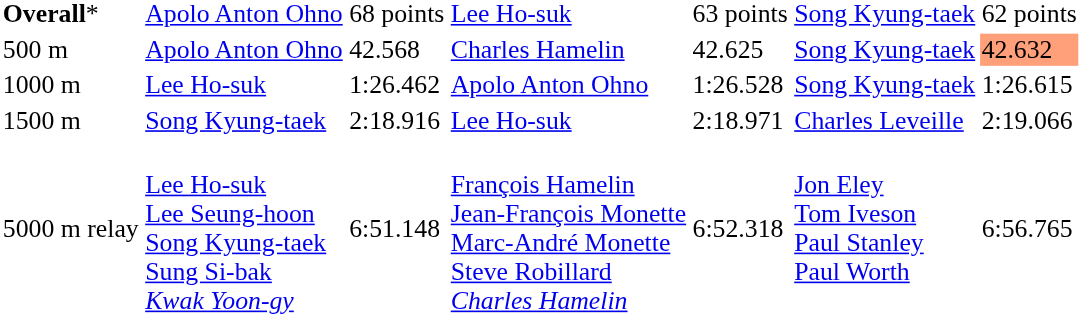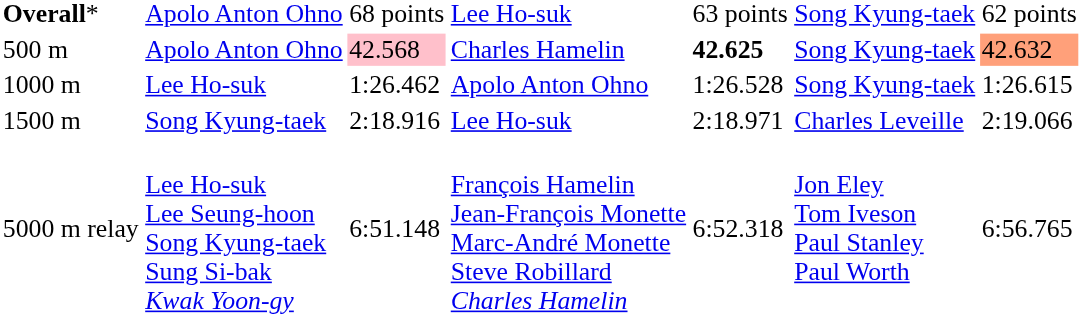 <table>
 <tr>
 <td><strong>Overall</strong>*</td>
 <td><a href='#'>Apolo Anton Ohno</a><br></td>
 <td>68 points</td>
 <td><a href='#'>Lee Ho-suk</a><br></td>
 <td>63 points</td>
 <td><a href='#'>Song Kyung-taek</a><br></td>
 <td>62 points</td>
 </tr>
 <tr>
 <td>500 m</td>
 <td><a href='#'>Apolo Anton Ohno</a><br></td>
-<td>42.568</td>
+<td style="background: pink;">42.568</td>
 <td><a href='#'>Charles Hamelin</a><br></td>
-<td>42.625</td>
+<td><strong>42.625</strong></td>
 <td><a href='#'>Song Kyung-taek</a><br></td>
 <td style="background: lightsalmon;">42.632</td>
 </tr>
 <tr>
 <td>1000 m</td>
 <td><a href='#'>Lee Ho-suk</a><br></td>
 <td>1:26.462</td>
 <td><a href='#'>Apolo Anton Ohno</a><br></td>
 <td>1:26.528</td>
 <td><a href='#'>Song Kyung-taek</a><br></td>
 <td>1:26.615</td>
 </tr>
 <tr>
 <td>1500 m</td>
 <td><a href='#'>Song Kyung-taek</a><br></td>
 <td>2:18.916</td>
 <td><a href='#'>Lee Ho-suk</a><br></td>
 <td>2:18.971</td>
 <td><a href='#'>Charles Leveille</a><br></td>
 <td>2:19.066</td>
 </tr>
 <tr>
 <td>5000 m relay</td>
 <td><br><a href='#'>Lee Ho-suk</a><br><a href='#'>Lee Seung-hoon</a><br><a href='#'>Song Kyung-taek</a><br><a href='#'>Sung Si-bak</a><br><em><a href='#'>Kwak Yoon-gy</a></em></td>
 <td>6:51.148</td>
 <td><br><a href='#'>François Hamelin</a><br><a href='#'>Jean-François Monette</a><br><a href='#'>Marc-André Monette</a><br><a href='#'>Steve Robillard</a><br><em><a href='#'>Charles Hamelin</a></em></td>
 <td>6:52.318</td>
 <td valign=top><br><a href='#'>Jon Eley</a><br><a href='#'>Tom Iveson</a><br><a href='#'>Paul Stanley</a><br><a href='#'>Paul Worth</a></td>
 <td>6:56.765</td>
 </tr>
 </table>
